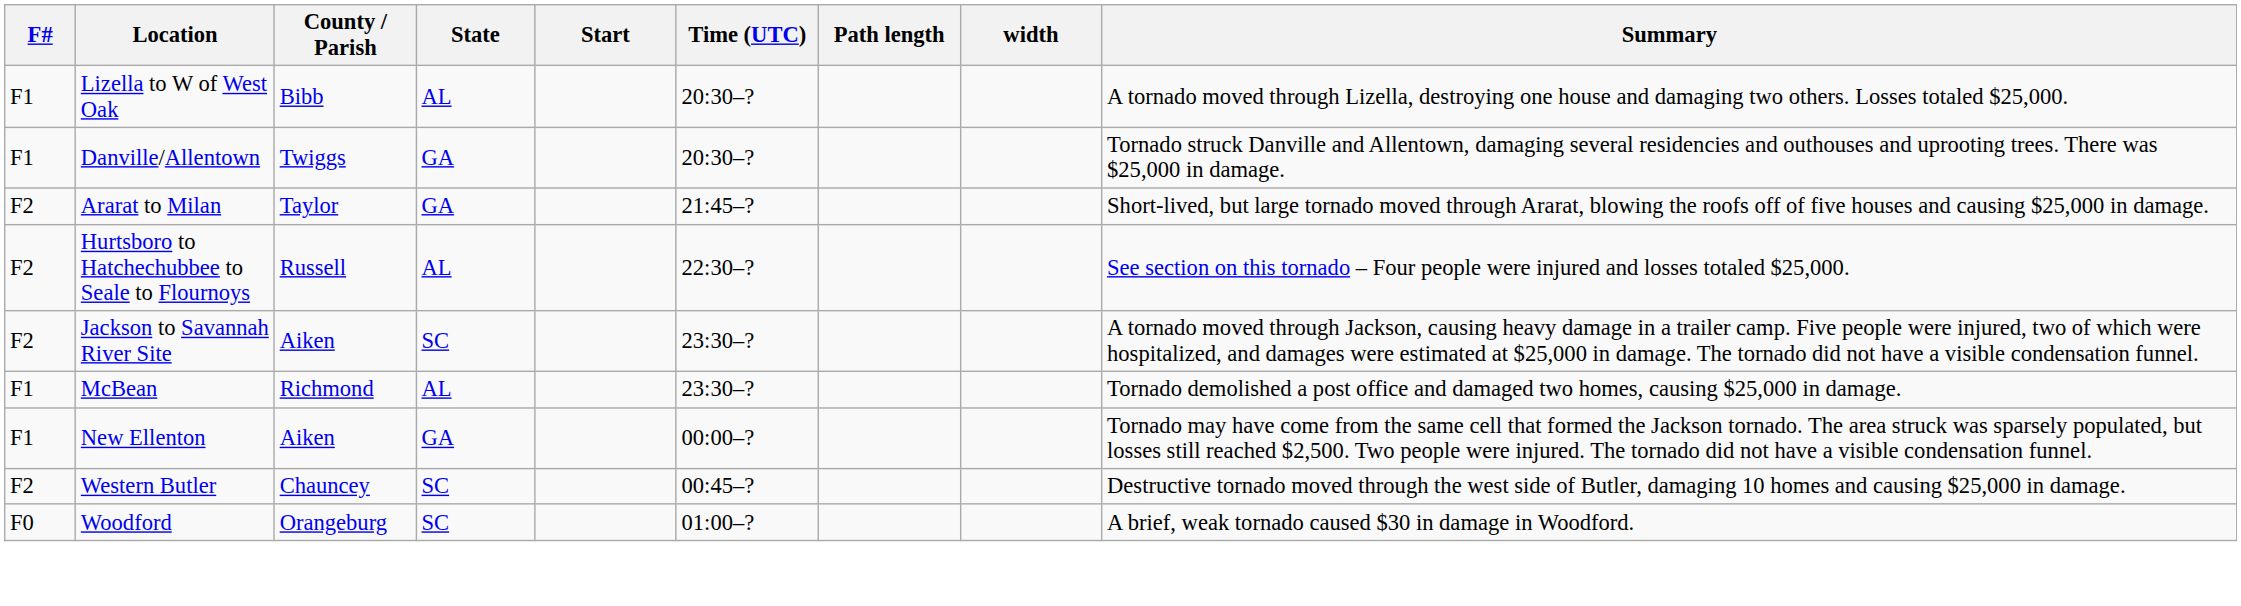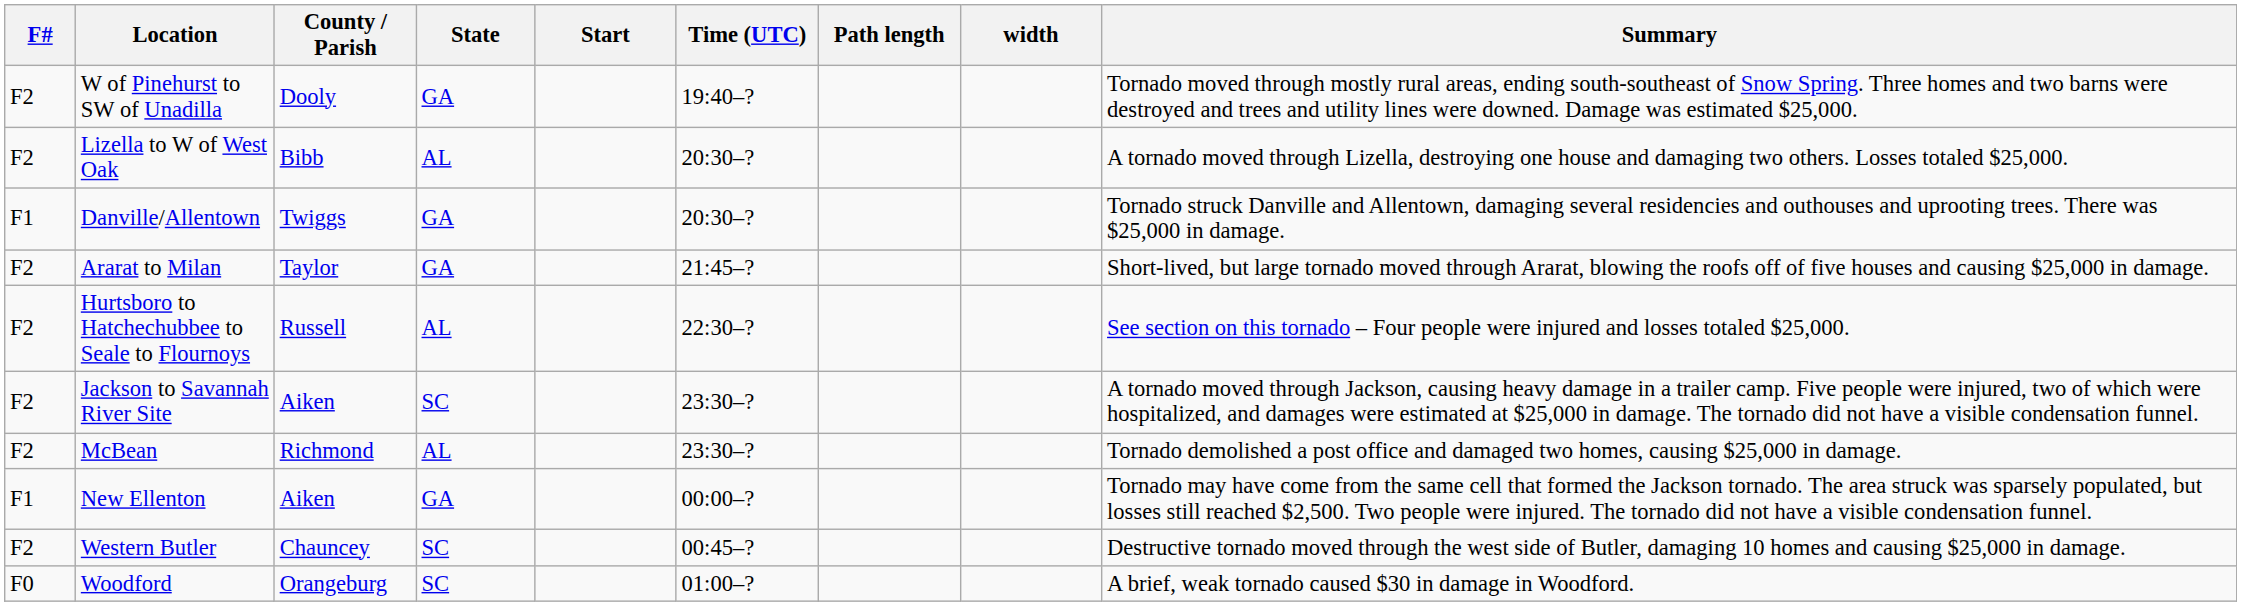 <table class="wikitable sortable" style="width:100%;">
 <tr>
 <th scope="col"  style="width:3%; text-align:center;"><a href='#'>F#</a></th>
 <th scope="col"  style="width:7%; text-align:center;" class="unsortable">Location</th>
 <th scope="col"  style="width:6%; text-align:center;" class="unsortable">County / Parish</th>
 <th scope="col"  style="width:5%; text-align:center;">State</th>
 <th scope="col"  style="width:6%; text-align:center;">Start<br></th>
 <th scope="col"  style="width:6%; text-align:center;">Time (<a href='#'>UTC</a>)</th>
 <th scope="col"  style="width:6%; text-align:center;">Path length</th>
 <th scope="col"  style="width:6%; text-align:center;"> width</th>
 <th scope="col" class="unsortable" style="width:48%; text-align:center;">Summary</th>
 </tr>
 <tr>
-<td>F1</td>
+<td>F2</td>
+<td>W of <a href='#'>Pinehurst</a> to SW of <a href='#'>Unadilla</a></td>
+<td><a href='#'>Dooly</a></td>
+<td><a href='#'>GA</a></td>
+<td></td>
+<td>19:40–?</td>
+<td></td>
+<td></td>
+<td>Tornado moved through mostly rural areas, ending south-southeast of <a href='#'>Snow Spring</a>. Three homes and two barns were destroyed and trees and utility lines were downed. Damage was estimated $25,000.</td>
+</tr>
+<tr>
+<td>F2</td>
 <td><a href='#'>Lizella</a> to W of <a href='#'>West Oak</a></td>
 <td><a href='#'>Bibb</a></td>
 <td><a href='#'>AL</a></td>
 <td></td>
 <td>20:30–?</td>
 <td></td>
 <td></td>
 <td>A tornado moved through Lizella, destroying one house and damaging two others. Losses totaled $25,000.</td>
 </tr>
 <tr>
 <td>F1</td>
 <td><a href='#'>Danville</a>/<a href='#'>Allentown</a></td>
 <td><a href='#'>Twiggs</a></td>
 <td><a href='#'>GA</a></td>
 <td></td>
 <td>20:30–?</td>
 <td></td>
 <td></td>
 <td>Tornado struck Danville and Allentown, damaging several residencies and outhouses and uprooting trees. There was $25,000 in damage.</td>
 </tr>
 <tr>
 <td>F2</td>
 <td><a href='#'>Ararat</a> to <a href='#'>Milan</a></td>
 <td><a href='#'>Taylor</a></td>
 <td><a href='#'>GA</a></td>
 <td></td>
 <td>21:45–?</td>
 <td></td>
 <td></td>
 <td>Short-lived, but large tornado moved through Ararat, blowing the roofs off of five houses and causing $25,000 in damage.</td>
 </tr>
 <tr>
 <td>F2</td>
 <td><a href='#'>Hurtsboro</a> to <a href='#'>Hatchechubbee</a> to <a href='#'>Seale</a> to <a href='#'>Flournoys</a></td>
 <td><a href='#'>Russell</a></td>
 <td><a href='#'>AL</a></td>
 <td></td>
 <td>22:30–?</td>
 <td></td>
 <td></td>
 <td><a href='#'>See section on this tornado</a> – Four people were injured and losses totaled $25,000.</td>
 </tr>
 <tr>
 <td>F2</td>
 <td><a href='#'>Jackson</a> to <a href='#'>Savannah River Site</a></td>
 <td><a href='#'>Aiken</a></td>
 <td><a href='#'>SC</a></td>
 <td></td>
 <td>23:30–?</td>
 <td></td>
 <td></td>
 <td>A tornado moved through Jackson, causing heavy damage in a trailer camp. Five people were injured, two of which were hospitalized, and damages were estimated at $25,000 in damage. The tornado did not have a visible condensation funnel.</td>
 </tr>
 <tr>
-<td>F1</td>
+<td>F2</td>
 <td><a href='#'>McBean</a></td>
 <td><a href='#'>Richmond</a></td>
 <td><a href='#'>AL</a></td>
 <td></td>
 <td>23:30–?</td>
 <td></td>
 <td></td>
 <td>Tornado demolished a post office and damaged two homes, causing $25,000 in damage.</td>
 </tr>
 <tr>
 <td>F1</td>
 <td><a href='#'>New Ellenton</a></td>
 <td><a href='#'>Aiken</a></td>
 <td><a href='#'>GA</a></td>
 <td></td>
 <td>00:00–?</td>
 <td></td>
 <td></td>
 <td>Tornado may have come from the same cell that formed the Jackson tornado. The area struck was sparsely populated, but losses still reached $2,500. Two people were injured. The tornado did not have a visible condensation funnel.</td>
 </tr>
 <tr>
 <td>F2</td>
 <td><a href='#'>Western Butler</a></td>
 <td><a href='#'>Chauncey</a></td>
 <td><a href='#'>SC</a></td>
 <td></td>
 <td>00:45–?</td>
 <td></td>
 <td></td>
 <td>Destructive tornado moved through the west side of Butler, damaging 10 homes and causing $25,000 in damage.</td>
 </tr>
 <tr>
 <td>F0</td>
 <td><a href='#'>Woodford</a></td>
 <td><a href='#'>Orangeburg</a></td>
 <td><a href='#'>SC</a></td>
 <td></td>
 <td>01:00–?</td>
 <td></td>
 <td></td>
 <td>A brief, weak tornado caused $30 in damage in Woodford.</td>
 </tr>
 </table>
